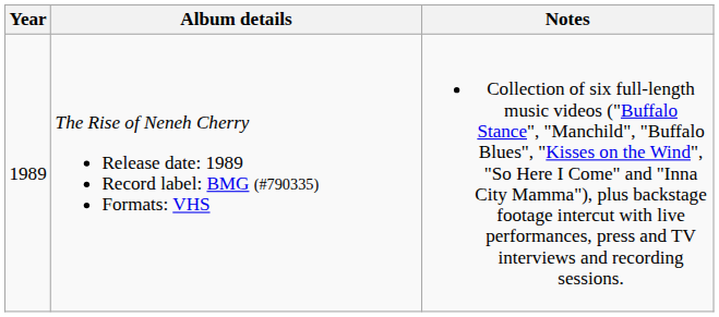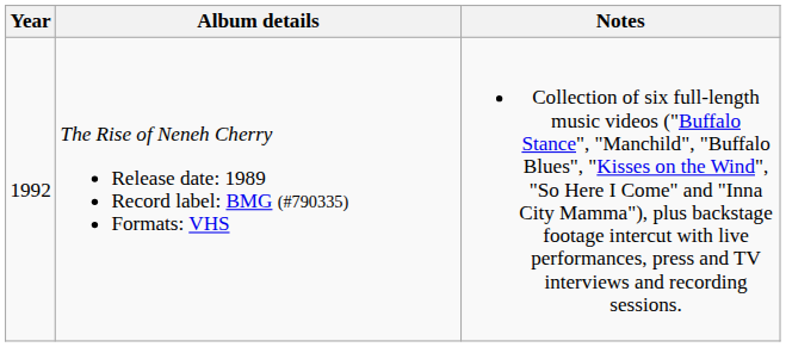 <table class="wikitable" style="text-align:center;">
 <tr>
 <th width="1">Year</th>
 <th width="310">Album details</th>
 <th>Notes</th>
 </tr>
 <tr>
-<td>1989</td>
+<td>1992</td>
 <td align="left"><em>The Rise of Neneh Cherry</em><br><ul><li>Release date: 1989</li><li>Record label: <a href='#'>BMG</a> <small>(#790335)</small></li><li>Formats: <a href='#'>VHS</a></li></ul></td>
 <td><br><ul><li>Collection of six full-length music videos ("<a href='#'>Buffalo Stance</a>", "Manchild", "Buffalo Blues", "<a href='#'>Kisses on the Wind</a>", "So Here I Come" and "Inna City Mamma"), plus backstage footage intercut with live performances, press and TV interviews and recording sessions.</li></ul></td>
 </tr>
 </table>
